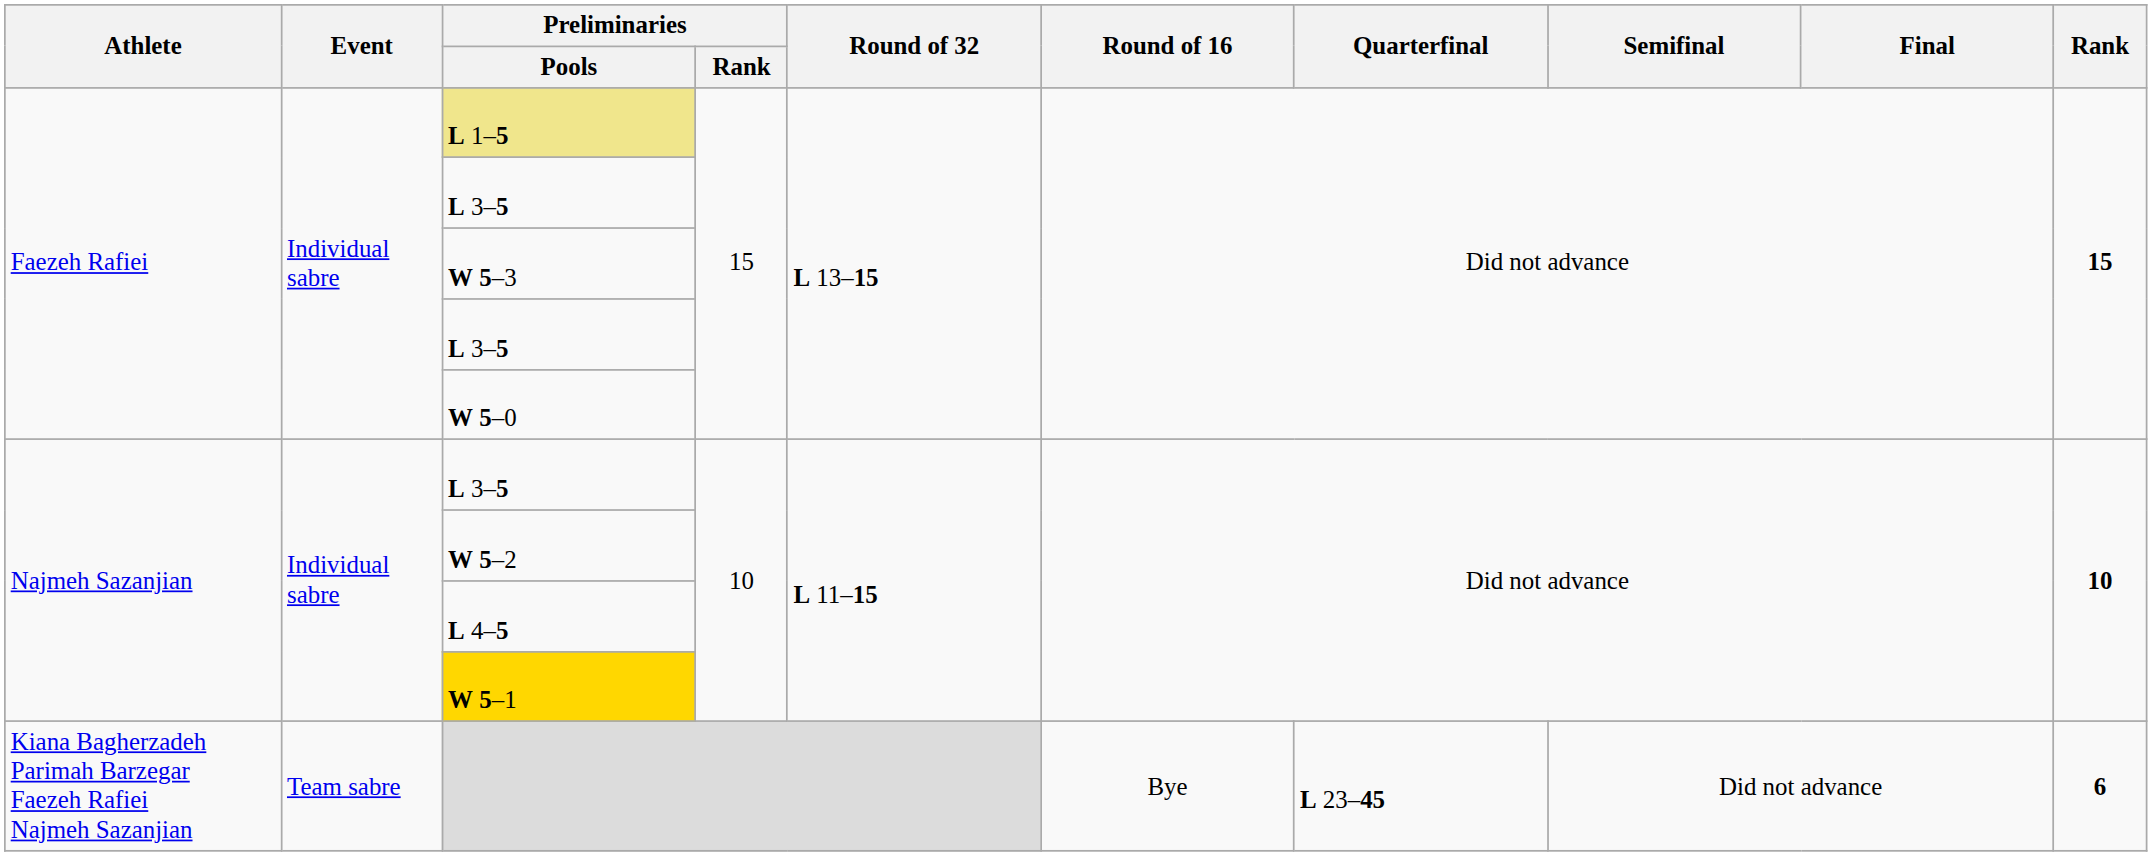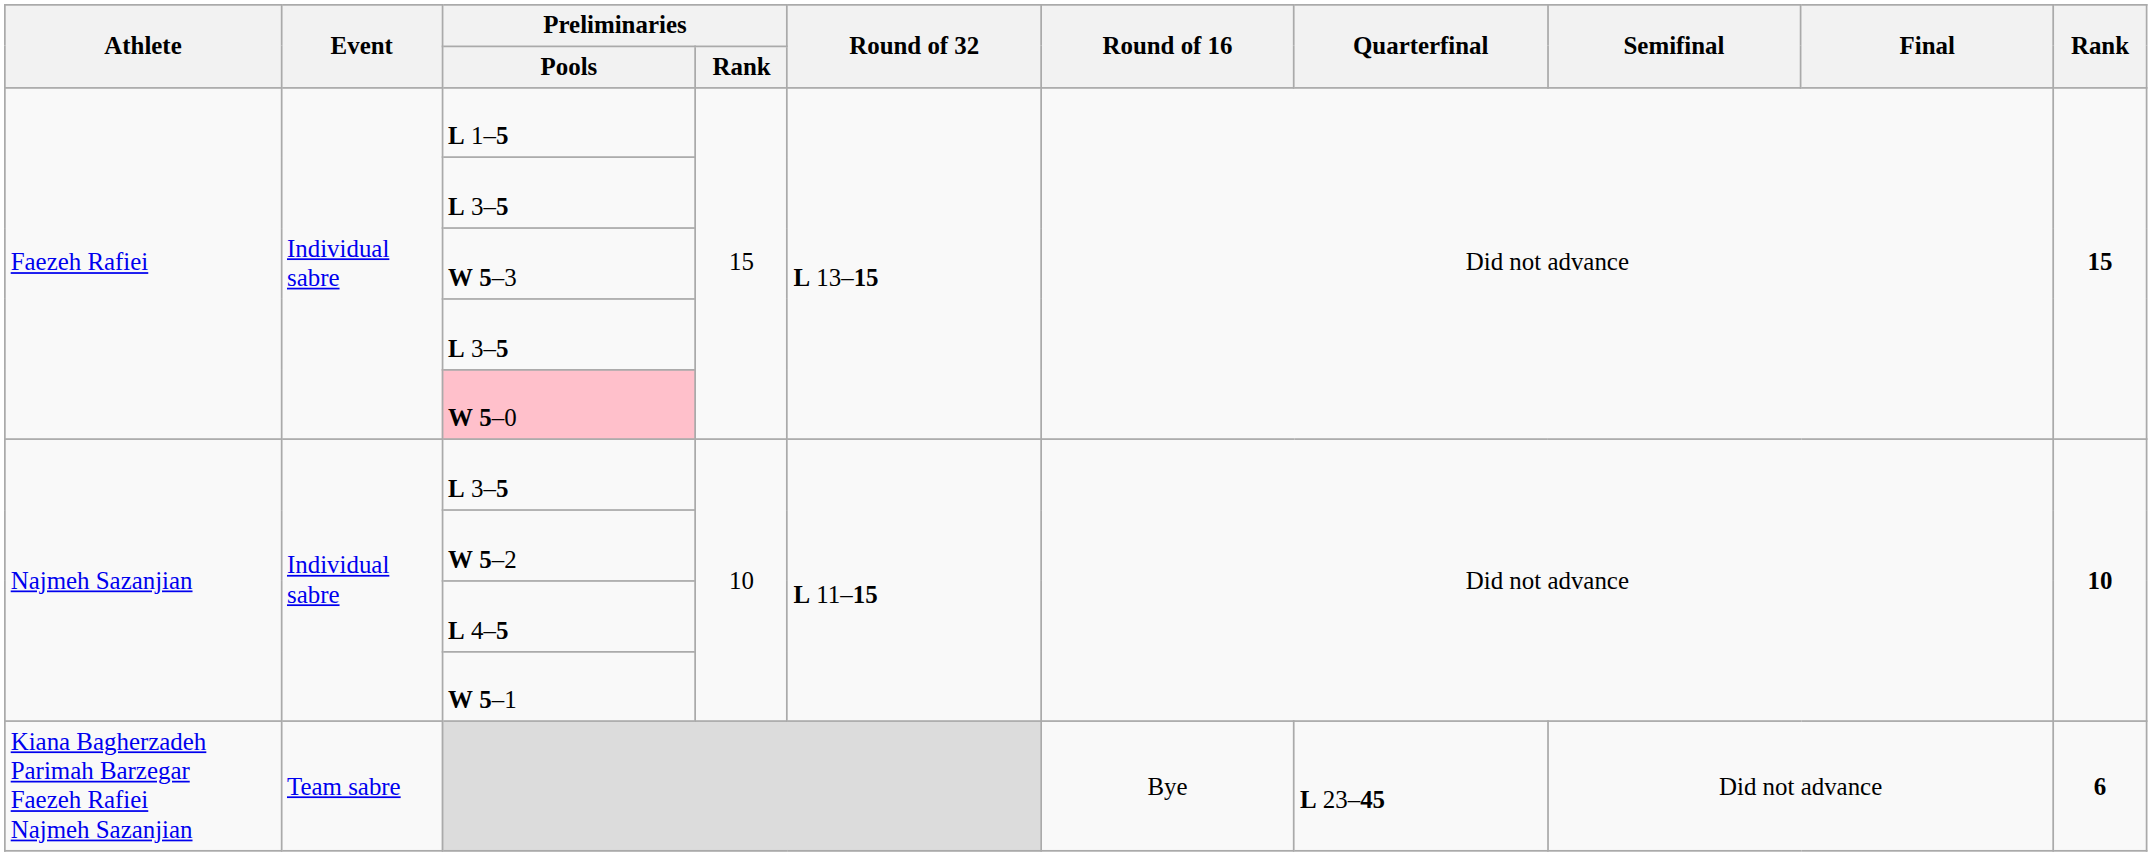 <table class="wikitable" width="98%" style="text-align:left; font-size:90%">
 <tr>
 <th rowspan="2" width="12%">Athlete</th>
 <th rowspan="2" width="7%">Event</th>
 <th colspan="2">Preliminaries</th>
 <th rowspan="2" width="11%">Round of 32</th>
 <th rowspan="2" width="11%">Round of 16</th>
 <th rowspan="2" width="11%">Quarterfinal</th>
 <th rowspan="2" width="11%">Semifinal</th>
 <th rowspan="2" width="11%">Final</th>
 <th rowspan="2" width="4%">Rank</th>
 </tr>
 <tr>
 <th width="11%">Pools</th>
 <th width="4%">Rank</th>
 </tr>
 <tr>
 <td rowspan="5"><a href='#'>Faezeh Rafiei</a></td>
 <td rowspan="5"><a href='#'>Individual sabre</a></td>
-<td style="background: khaki;"><br><strong>L</strong> 1–<strong>5</strong></td>
+<td><br><strong>L</strong> 1–<strong>5</strong></td>
 <td rowspan="5" align=center>15 <strong></strong></td>
 <td rowspan="5"><br><strong>L</strong> 13–<strong>15</strong></td>
 <td rowspan="5" colspan=4 align=center>Did not advance</td>
 <td rowspan="5" align="center"><strong>15</strong></td>
 </tr>
 <tr>
 <td><br><strong>L</strong> 3–<strong>5</strong></td>
 </tr>
 <tr>
 <td><br><strong>W</strong> <strong>5</strong>–3</td>
 </tr>
 <tr>
 <td><br><strong>L</strong> 3–<strong>5</strong></td>
 </tr>
 <tr>
-<td><br><strong>W</strong> <strong>5</strong>–0</td>
+<td style="background: pink;"><br><strong>W</strong> <strong>5</strong>–0</td>
 </tr>
 <tr>
 <td rowspan="4"><a href='#'>Najmeh Sazanjian</a></td>
 <td rowspan="4"><a href='#'>Individual sabre</a></td>
 <td><br><strong>L</strong> 3–<strong>5</strong></td>
 <td rowspan="4" align=center>10 <strong></strong></td>
 <td rowspan="4"><br><strong>L</strong> 11–<strong>15</strong></td>
 <td rowspan="4" colspan=4 align=center>Did not advance</td>
 <td rowspan="4" align="center"><strong>10</strong></td>
 </tr>
 <tr>
 <td><br><strong>W</strong> <strong>5</strong>–2</td>
 </tr>
 <tr>
 <td><br><strong>L</strong> 4–<strong>5</strong></td>
 </tr>
 <tr>
-<td style="background: gold;"><br><strong>W</strong> <strong>5</strong>–1</td>
+<td><br><strong>W</strong> <strong>5</strong>–1</td>
 </tr>
 <tr>
 <td><a href='#'>Kiana Bagherzadeh</a><br><a href='#'>Parimah Barzegar</a><br><a href='#'>Faezeh Rafiei</a><br><a href='#'>Najmeh Sazanjian</a></td>
 <td><a href='#'>Team sabre</a></td>
 <td colspan=3 bgcolor=#DCDCDC></td>
 <td align="center">Bye</td>
 <td><br><strong>L</strong> 23–<strong>45</strong></td>
 <td colspan=2 align=center>Did not advance</td>
 <td align="center"><strong>6</strong></td>
 </tr>
 </table>
